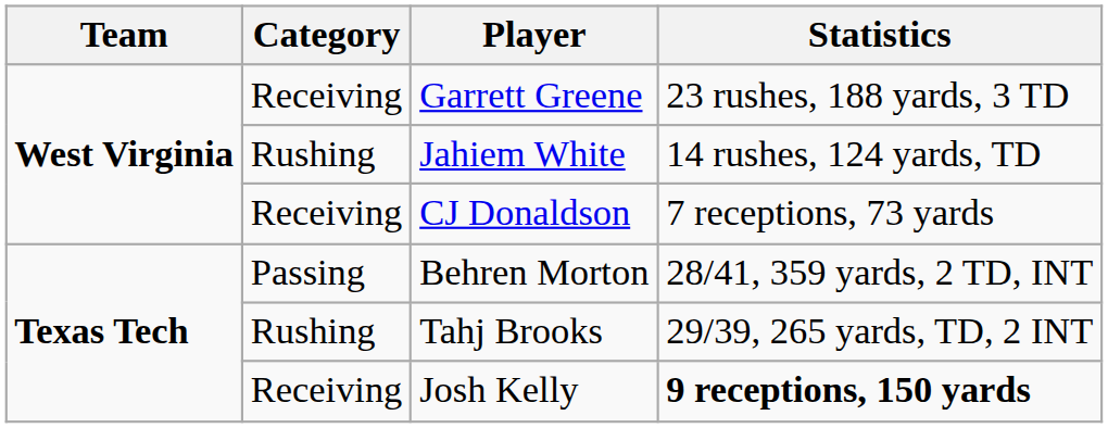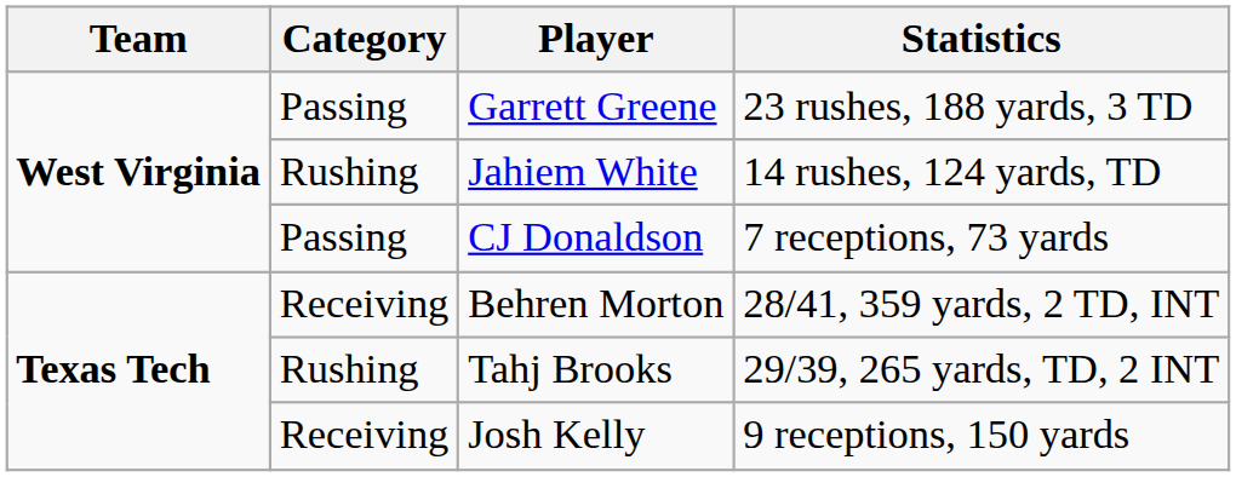 <table class="wikitable" style="float: right;">
 <tr>
 <th>Team</th>
 <th>Category</th>
 <th>Player</th>
 <th>Statistics</th>
 </tr>
 <tr>
 <td rowspan=3><strong>West Virginia</strong></td>
-<td>Receiving</td>
+<td>Passing</td>
 <td><a href='#'>Garrett Greene</a></td>
 <td>23 rushes, 188 yards, 3 TD</td>
 </tr>
 <tr>
 <td>Rushing</td>
 <td><a href='#'>Jahiem White</a></td>
 <td>14 rushes, 124 yards, TD</td>
 </tr>
 <tr>
-<td>Receiving</td>
+<td>Passing</td>
 <td><a href='#'>CJ Donaldson</a></td>
 <td>7 receptions, 73 yards</td>
 </tr>
 <tr>
 <td rowspan=3><strong>Texas Tech</strong></td>
-<td>Passing</td>
+<td>Receiving</td>
 <td>Behren Morton</td>
 <td>28/41, 359 yards, 2 TD, INT</td>
 </tr>
 <tr>
 <td>Rushing</td>
 <td>Tahj Brooks</td>
 <td>29/39, 265 yards, TD, 2 INT</td>
 </tr>
 <tr>
 <td>Receiving</td>
 <td>Josh Kelly</td>
-<td><strong>9 receptions, 150 yards</strong></td>
+<td>9 receptions, 150 yards</td>
 </tr>
 </table>
